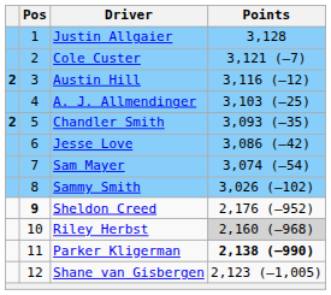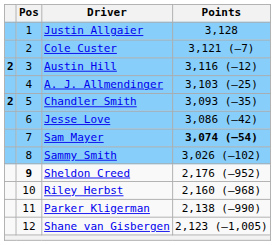 <table class="wikitable" style="font-size: 95%;">
 <tr>
 <th></th>
 <th>Pos</th>
 <th>Driver</th>
 <th>Points</th>
 </tr>
 <tr style="background:#87CEFA;">
 <td align="left"></td>
 <td style="text-align:center;">1</td>
 <td><a href='#'>Justin Allgaier</a></td>
 <td style="text-align:center;">3,128</td>
 </tr>
 <tr style="background:#87CEFA;">
 <td align="left"></td>
 <td style="text-align:center;">2</td>
 <td><a href='#'>Cole Custer</a></td>
 <td style="text-align:center;">3,121 (–7)</td>
 </tr>
 <tr style="background:#87CEFA;">
 <td align="left"> <strong>2</strong></td>
 <td style="text-align:center;">3</td>
 <td><a href='#'>Austin Hill</a></td>
 <td style="text-align:center;">3,116 (–12)</td>
 </tr>
 <tr style="background:#87CEFA;">
 <td align="left"></td>
 <td style="text-align:center;">4</td>
 <td><a href='#'>A. J. Allmendinger</a></td>
 <td style="text-align:center;">3,103 (–25)</td>
 </tr>
 <tr style="background:#87CEFA;">
 <td align="left"> <strong>2</strong></td>
 <td style="text-align:center;">5</td>
 <td><a href='#'>Chandler Smith</a></td>
 <td style="text-align:center;">3,093 (–35)</td>
 </tr>
 <tr style="background:#87CEFA;">
 <td align="left"></td>
 <td style="text-align:center;">6</td>
 <td><a href='#'>Jesse Love</a></td>
 <td style="text-align:center;">3,086 (–42)</td>
 </tr>
 <tr style="background:#87CEFA;">
 <td align="left"></td>
 <td style="text-align:center;">7</td>
 <td><a href='#'>Sam Mayer</a></td>
-<td style="text-align:center;">3,074 (–54)</td>
+<td style="text-align:center;"><strong>3,074 (–54)</strong></td>
 </tr>
 <tr style="background:#87CEFA;">
 <td align="left"></td>
 <td style="text-align:center;">8</td>
 <td><a href='#'>Sammy Smith</a></td>
 <td style="text-align:center;">3,026 (–102)</td>
 </tr>
 <tr>
 <td align="left"></td>
 <td style="text-align:center;"><strong>9</strong></td>
 <td><a href='#'>Sheldon Creed</a></td>
 <td style="text-align:center;">2,176 (–952)</td>
 </tr>
 <tr>
 <td align="left"></td>
 <td style="text-align:center;">10</td>
 <td><a href='#'>Riley Herbst</a></td>
-<td style="background: lightgrey; text-align:center;">2,160 (–968)</td>
+<td style="text-align:center;">2,160 (–968)</td>
 </tr>
 <tr>
 <td align="left"></td>
 <td style="text-align:center;">11</td>
 <td><a href='#'>Parker Kligerman</a></td>
-<td style="text-align:center;"><strong>2,138 (–990)</strong></td>
+<td style="text-align:center;">2,138 (–990)</td>
 </tr>
 <tr>
 <td align="left"></td>
 <td style="text-align:center;">12</td>
 <td><a href='#'>Shane van Gisbergen</a></td>
 <td style="text-align:center;">2,123 (–1,005)</td>
 </tr>
 <tr class="sortbottom">
 <th colspan="9"></th>
 </tr>
 </table>
